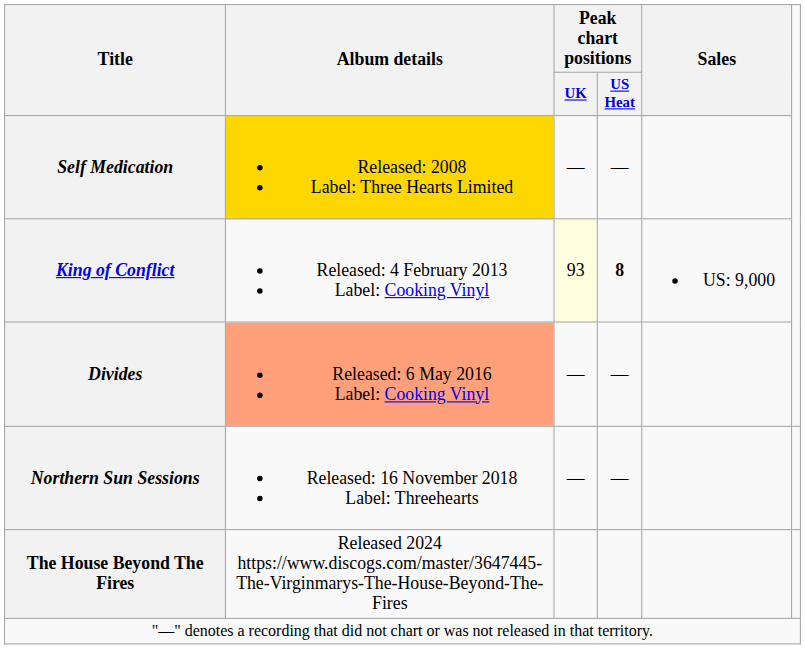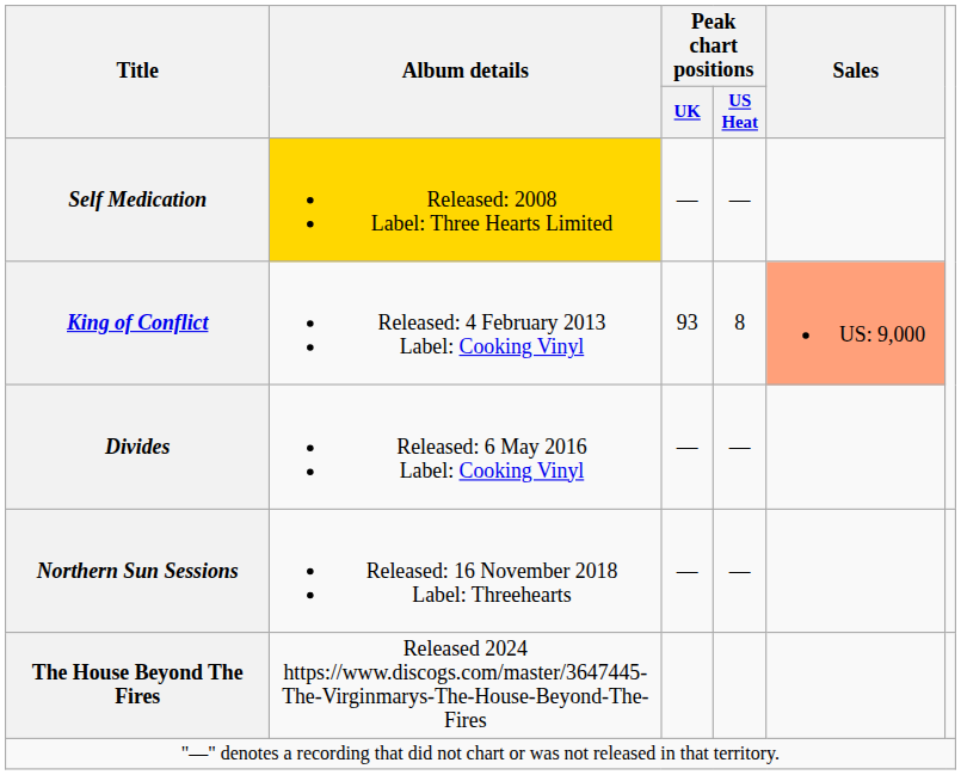 <table class="wikitable plainrowheaders" style="text-align:center;">
 <tr>
 <th scope="col" rowspan="2" style="width:12em;">Title</th>
 <th scope="col" rowspan="2" style="width:18em;">Album details</th>
 <th scope="col" colspan="2">Peak chart positions</th>
 <th scope="col" rowspan="2" style="width:8em;">Sales</th>
 </tr>
 <tr style="font-size:smaller;">
 <th scope="col" style="width:2.5em;"><a href='#'>UK</a><br></th>
 <th scope="col" style="width:2.5em;"><a href='#'>US<br>Heat</a><br></th>
 </tr>
 <tr>
 <th scope="row"><em>Self Medication</em></th>
 <td style="background: gold;"><br><ul><li>Released: 2008</li><li>Label: Three Hearts Limited</li></ul></td>
 <td>—</td>
 <td>—</td>
 <td></td>
 </tr>
 <tr>
 <th scope="row"><em><a href='#'>King of Conflict</a></em></th>
 <td><br><ul><li>Released: 4 February 2013</li><li>Label: <a href='#'>Cooking Vinyl</a></li></ul></td>
-<td style="background: lightyellow;">93</td>
-<td><strong>8</strong></td>
-<td><br><ul><li>US: 9,000</li></ul></td>
+<td>93</td>
+<td>8</td>
+<td style="background: lightsalmon;"><br><ul><li>US: 9,000</li></ul></td>
 </tr>
 <tr>
 <th scope="row"><em>Divides</em></th>
-<td style="background: lightsalmon;"><br><ul><li>Released: 6 May 2016</li><li>Label: <a href='#'>Cooking Vinyl</a></li></ul></td>
+<td><br><ul><li>Released: 6 May 2016</li><li>Label: <a href='#'>Cooking Vinyl</a></li></ul></td>
 <td>—</td>
 <td>—</td>
 <td></td>
 </tr>
 <tr>
 <th scope="row"><em>Northern Sun Sessions</em></th>
 <td><br><ul><li>Released: 16 November 2018</li><li>Label: Threehearts</li></ul></td>
 <td>—</td>
 <td>—</td>
 <td></td>
 <td></td>
 </tr>
 <tr>
 <th>The House Beyond The Fires</th>
 <td>Released 2024<br>https://www.discogs.com/master/3647445-The-Virginmarys-The-House-Beyond-The-Fires</td>
 <td></td>
 <td></td>
 <td></td>
 <td></td>
 </tr>
 <tr>
 <td colspan="14" style="font-size:90%">"—" denotes a recording that did not chart or was not released in that territory.</td>
 </tr>
 </table>
